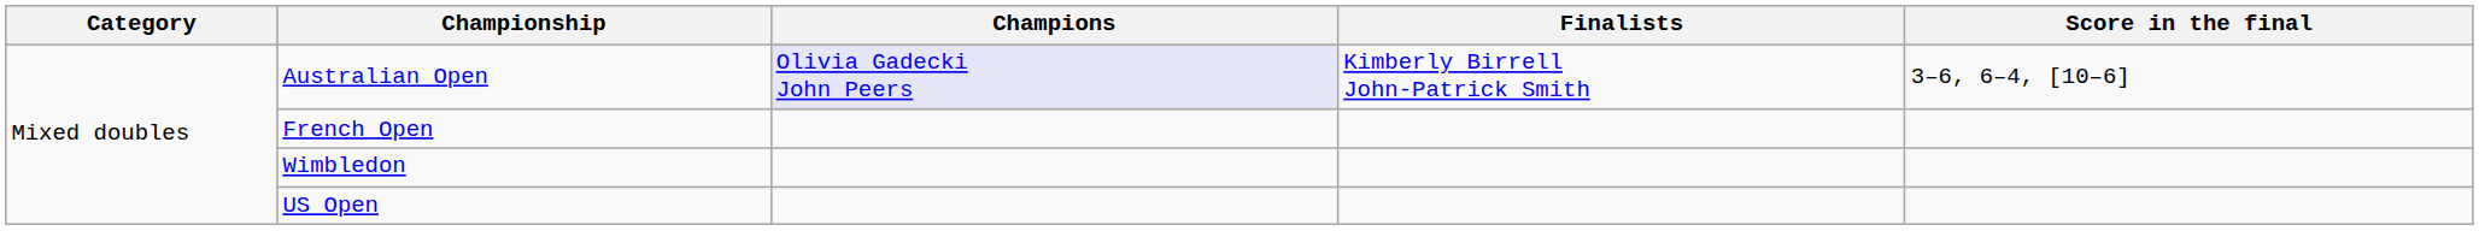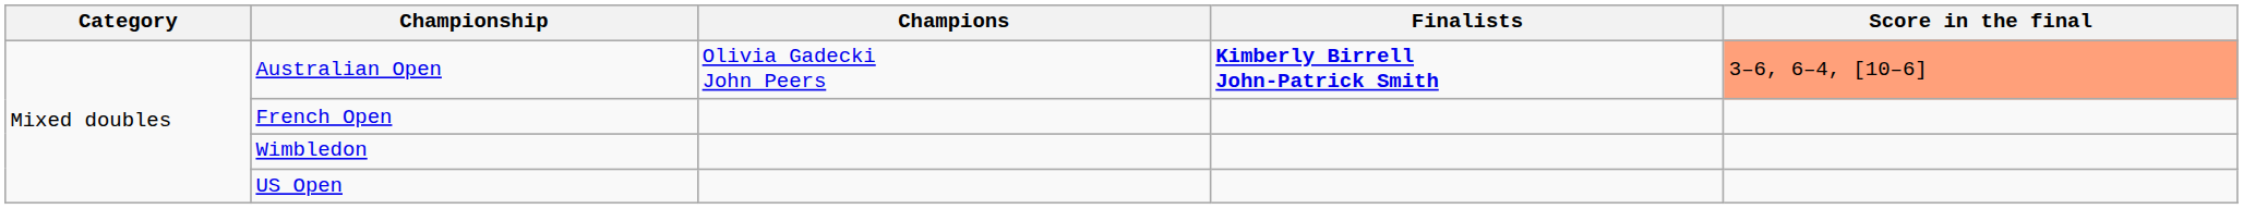 <table class="wikitable" style="font-size:90%;" width="100%">
 <tr>
 <th style="width: 11%;">Category</th>
 <th style="width: 20%;">Championship</th>
 <th style="width: 23%;">Champions</th>
 <th style="width: 23%;">Finalists</th>
 <th style="width: 23%;">Score in the final</th>
 </tr>
 <tr>
 <td rowspan="4">Mixed doubles</td>
 <td><a href='#'>Australian Open</a></td>
-<td style="background: lavender;"> <a href='#'>Olivia Gadecki</a><br> <a href='#'>John Peers</a></td>
-<td> <a href='#'>Kimberly Birrell</a><br> <a href='#'>John-Patrick Smith</a></td>
-<td>3–6, 6–4, [10–6] </td>
+<td> <a href='#'>Olivia Gadecki</a><br> <a href='#'>John Peers</a></td>
+<td><strong> <a href='#'>Kimberly Birrell</a><br> <a href='#'>John-Patrick Smith</a></strong></td>
+<td style="background: lightsalmon;">3–6, 6–4, [10–6] </td>
 </tr>
 <tr>
 <td><a href='#'>French Open</a></td>
 <td></td>
 <td></td>
 <td></td>
 </tr>
 <tr>
 <td><a href='#'>Wimbledon</a></td>
 <td></td>
 <td></td>
 <td></td>
 </tr>
 <tr>
 <td><a href='#'>US Open</a></td>
 <td></td>
 <td></td>
 <td></td>
 </tr>
 </table>
